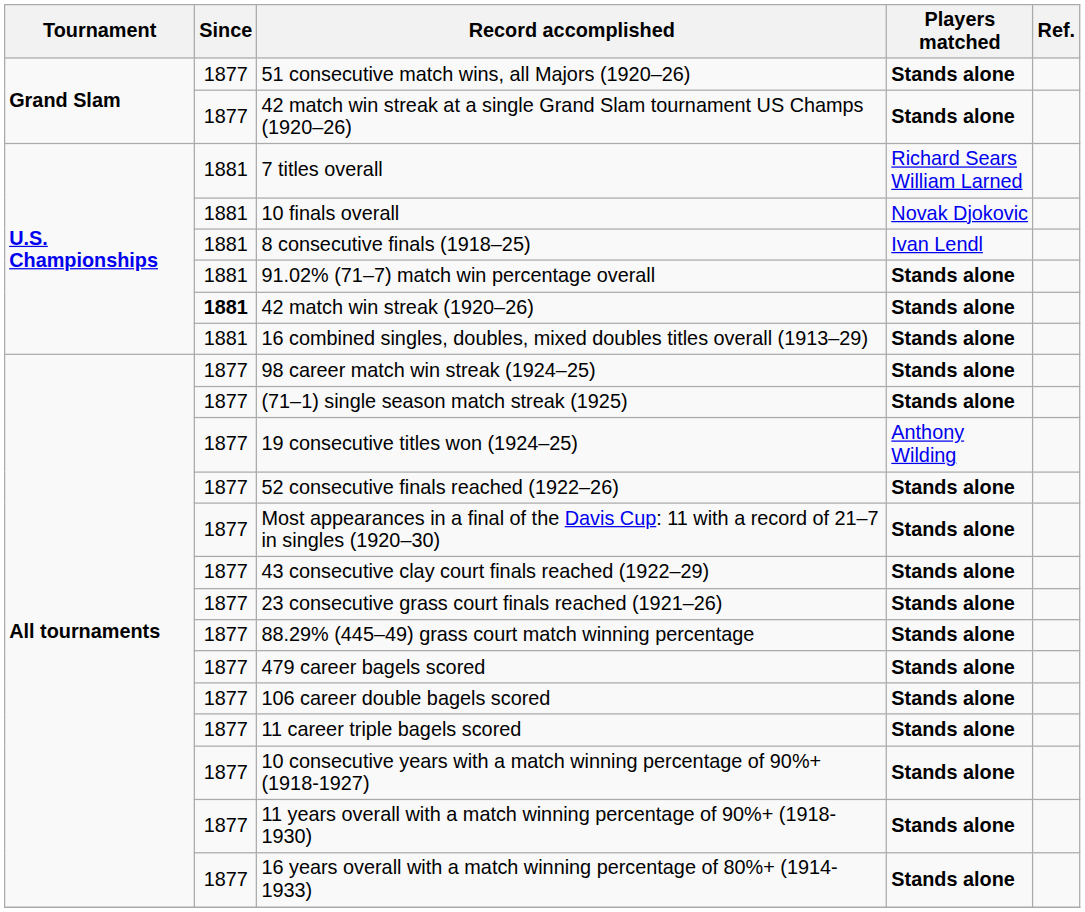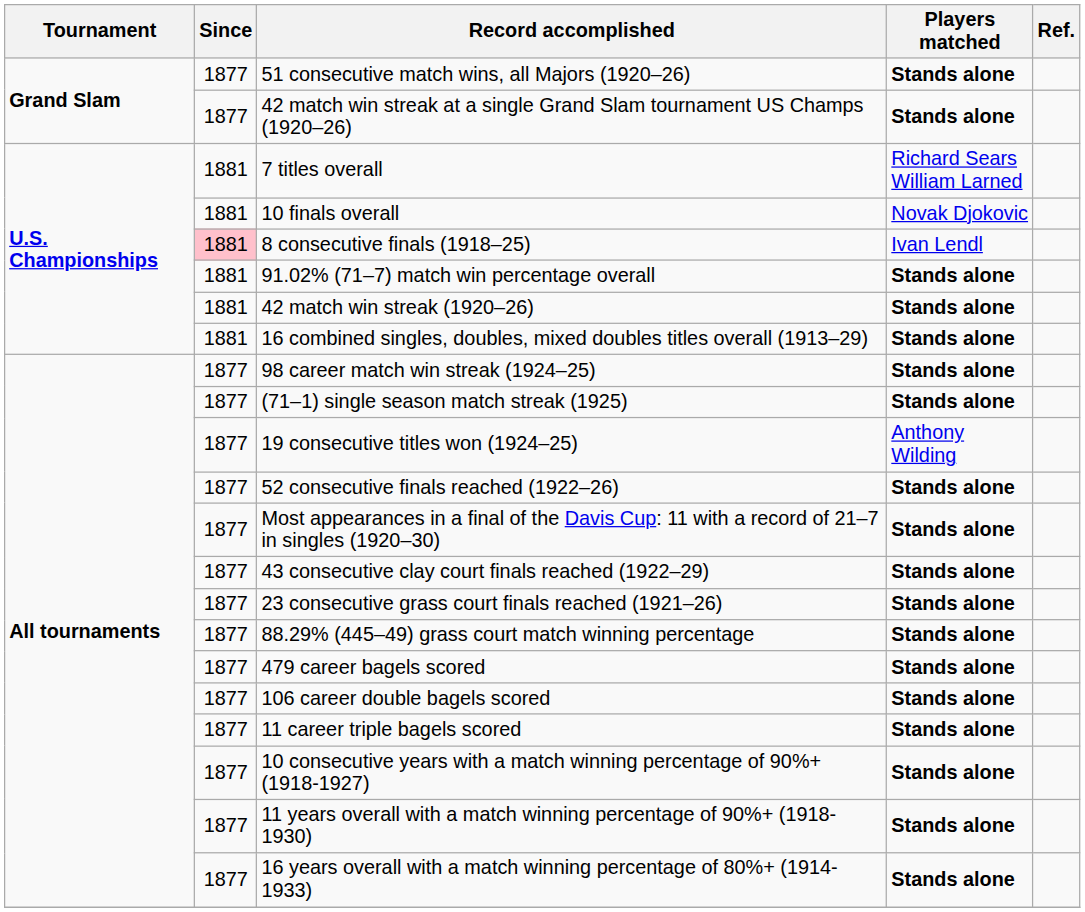 <table class="wikitable">
 <tr style="background:#efefef;">
 <th>Tournament</th>
 <th>Since</th>
 <th>Record accomplished</th>
 <th>Players matched</th>
 <th>Ref.</th>
 </tr>
 <tr>
 <td rowspan="2"><strong>Grand Slam</strong></td>
 <td align=center>1877</td>
 <td>51 consecutive match wins, all Majors (1920–26)</td>
 <td><strong>Stands alone </strong></td>
 <td></td>
 </tr>
 <tr>
 <td align=center>1877</td>
 <td>42 match win streak at a single Grand Slam tournament US Champs (1920–26)</td>
 <td><strong>Stands alone </strong></td>
 <td></td>
 </tr>
 <tr>
 <td rowspan="6"><strong><a href='#'>U.S. Championships</a></strong></td>
 <td align=center>1881</td>
 <td>7 titles overall</td>
 <td><a href='#'>Richard Sears</a><br><a href='#'>William Larned</a></td>
 <td></td>
 </tr>
 <tr>
 <td align=center>1881</td>
 <td>10 finals overall</td>
 <td><a href='#'>Novak Djokovic</a></td>
 <td></td>
 </tr>
 <tr>
-<td align=center>1881</td>
+<td align=center style="background: pink;">1881</td>
 <td>8 consecutive finals (1918–25)</td>
 <td><a href='#'>Ivan Lendl</a></td>
 <td></td>
 </tr>
 <tr>
 <td align=center>1881</td>
 <td>91.02% (71–7) match win percentage overall</td>
 <td><strong>Stands alone </strong></td>
 <td></td>
 </tr>
 <tr>
-<td align=center><strong>1881</strong></td>
+<td align=center>1881</td>
 <td>42 match win streak (1920–26)</td>
 <td><strong>Stands alone</strong></td>
 <td></td>
 </tr>
 <tr>
 <td align=center>1881</td>
 <td>16 combined singles, doubles, mixed doubles titles overall (1913–29)</td>
 <td><strong>Stands alone </strong></td>
 <td></td>
 </tr>
 <tr>
 <td rowspan="14"><strong>All tournaments</strong></td>
 <td align=center>1877</td>
 <td>98 career match win streak (1924–25)</td>
 <td><strong>Stands alone </strong></td>
 <td></td>
 </tr>
 <tr>
 <td align="center">1877</td>
 <td>(71–1) single season match streak (1925)</td>
 <td><strong>Stands alone</strong></td>
 <td></td>
 </tr>
 <tr>
 <td align=center>1877</td>
 <td>19 consecutive titles won (1924–25)</td>
 <td><a href='#'>Anthony Wilding</a></td>
 <td></td>
 </tr>
 <tr>
 <td align=center>1877</td>
 <td>52 consecutive finals reached (1922–26)</td>
 <td><strong>Stands alone</strong></td>
 <td></td>
 </tr>
 <tr>
 <td align=center>1877</td>
 <td>Most appearances in a final of the <a href='#'>Davis Cup</a>: 11 with a record of 21–7 in singles (1920–30)</td>
 <td><strong>Stands alone</strong></td>
 <td></td>
 </tr>
 <tr>
 <td align=center>1877</td>
 <td>43 consecutive clay court finals reached (1922–29)</td>
 <td><strong>Stands alone</strong></td>
 <td></td>
 </tr>
 <tr>
 <td align=center>1877</td>
 <td>23 consecutive grass court finals reached (1921–26)</td>
 <td><strong>Stands alone</strong></td>
 <td></td>
 </tr>
 <tr>
 <td align=center>1877</td>
 <td>88.29% (445–49) grass court match winning percentage</td>
 <td><strong>Stands alone</strong></td>
 <td></td>
 </tr>
 <tr>
 <td align=center>1877</td>
 <td>479 career bagels scored</td>
 <td><strong>Stands alone</strong></td>
 <td></td>
 </tr>
 <tr>
 <td align=center>1877</td>
 <td>106 career double bagels scored</td>
 <td><strong>Stands alone</strong></td>
 <td></td>
 </tr>
 <tr>
 <td align=center>1877</td>
 <td>11 career triple bagels scored</td>
 <td><strong>Stands alone</strong></td>
 <td></td>
 </tr>
 <tr>
 <td align=center>1877</td>
 <td>10 consecutive years with a match winning percentage of 90%+ (1918-1927)</td>
 <td><strong>Stands alone</strong></td>
 <td></td>
 </tr>
 <tr>
 <td align=center>1877</td>
 <td>11 years overall with a match winning percentage of 90%+ (1918-1930)</td>
 <td><strong>Stands alone</strong></td>
 <td></td>
 </tr>
 <tr>
 <td align=center>1877</td>
 <td>16 years overall with a match winning percentage of 80%+ (1914-1933)</td>
 <td><strong>Stands alone</strong></td>
 <td></td>
 </tr>
 <tr>
 </tr>
 </table>
